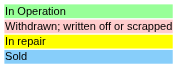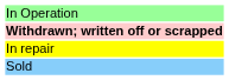 <table>
 <tr style="background:#98ff98; color:black">
 <td>In Operation</td>
 </tr>
 <tr style="background:#ffcccc; color:black">
-<td>Withdrawn; written off or scrapped</td>
+<td><strong>Withdrawn; written off or scrapped</strong></td>
 </tr>
 <tr style="background:yellow; color:black">
 <td>In repair</td>
 </tr>
 <tr style="background:#87cefa">
 <td>Sold</td>
 </tr>
 </table>
